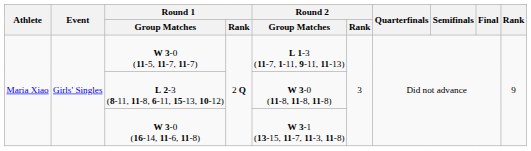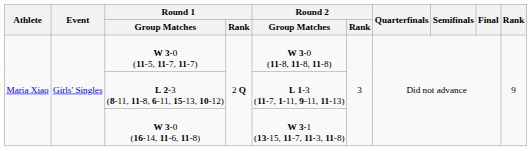 <table class="wikitable" border="1" style="font-size:90%">
 <tr>
 <th rowspan=2>Athlete</th>
 <th rowspan=2>Event</th>
 <th colspan=2>Round 1</th>
 <th colspan=2>Round 2</th>
 <th rowspan=2>Quarterfinals</th>
 <th rowspan=2>Semifinals</th>
 <th rowspan=2>Final</th>
 <th rowspan=2>Rank</th>
 </tr>
 <tr>
 <th>Group Matches</th>
 <th>Rank</th>
 <th>Group Matches</th>
 <th>Rank</th>
 </tr>
 <tr>
 <td rowspan=3><a href='#'>Maria Xiao</a></td>
 <td rowspan=3><a href='#'>Girls' Singles</a></td>
 <td align=center> <br> <strong>W</strong> <strong>3</strong>-0 <br> (<strong>11</strong>-5, <strong>11</strong>-7, <strong>11</strong>-7)</td>
 <td rowspan=3 align=center>2 <strong>Q</strong></td>
-<td align=center> <br> <strong>L</strong> <strong>1</strong>-3 <br> (<strong>11</strong>-7, <strong>1</strong>-11, <strong>9</strong>-11, <strong>11</strong>-13)</td>
+<td align=center> <br> <strong>W</strong> <strong>3</strong>-0 <br> (<strong>11</strong>-8, <strong>11</strong>-8, <strong>11</strong>-8)</td>
 <td rowspan=3 align=center>3</td>
 <td rowspan=3 colspan=3 align=center>Did not advance</td>
 <td rowspan=3 align=center>9</td>
 </tr>
 <tr>
 <td align=center> <br> <strong>L</strong> <strong>2</strong>-3 <br> (<strong>8</strong>-11, <strong>11</strong>-8, <strong>6</strong>-11, <strong>15</strong>-13, <strong>10</strong>-12)</td>
-<td align=center> <br> <strong>W</strong> <strong>3</strong>-0 <br> (<strong>11</strong>-8, <strong>11</strong>-8, <strong>11</strong>-8)</td>
+<td align=center> <br> <strong>L</strong> <strong>1</strong>-3 <br> (<strong>11</strong>-7, <strong>1</strong>-11, <strong>9</strong>-11, <strong>11</strong>-13)</td>
 </tr>
 <tr>
 <td align=center> <br> <strong>W</strong> <strong>3</strong>-0 <br> (<strong>16</strong>-14, <strong>11</strong>-6, <strong>11</strong>-8)</td>
 <td align=center> <br> <strong>W</strong> <strong>3</strong>-1 <br> (<strong>13</strong>-15, <strong>11</strong>-7, <strong>11</strong>-3, <strong>11</strong>-8)</td>
 </tr>
 </table>
